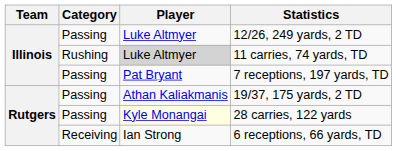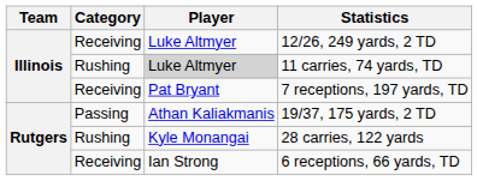 <table class="wikitable" style="float:right">
 <tr>
 <th>Team</th>
 <th>Category</th>
 <th>Player</th>
 <th>Statistics</th>
 </tr>
 <tr>
 <th rowspan=3>Illinois</th>
-<td>Passing</td>
+<td>Receiving</td>
 <td><a href='#'>Luke Altmyer</a></td>
 <td>12/26, 249 yards, 2 TD</td>
 </tr>
 <tr>
 <td>Rushing</td>
 <td style="background: lightgrey;">Luke Altmyer</td>
 <td>11 carries, 74 yards, TD</td>
 </tr>
 <tr>
-<td>Passing</td>
+<td>Receiving</td>
 <td><a href='#'>Pat Bryant</a></td>
 <td>7 receptions, 197 yards, TD</td>
 </tr>
 <tr>
 <th rowspan=3>Rutgers</th>
 <td>Passing</td>
 <td><a href='#'>Athan Kaliakmanis</a></td>
 <td>19/37, 175 yards, 2 TD</td>
 </tr>
 <tr>
-<td>Passing</td>
-<td style="background: lightyellow;"><a href='#'>Kyle Monangai</a></td>
+<td>Rushing</td>
+<td><a href='#'>Kyle Monangai</a></td>
 <td>28 carries, 122 yards</td>
 </tr>
 <tr>
 <td>Receiving</td>
 <td>Ian Strong</td>
 <td>6 receptions, 66 yards, TD</td>
 </tr>
 </table>
